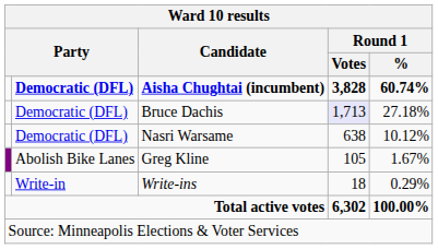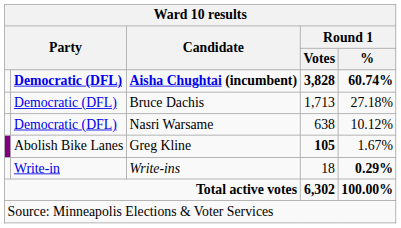 <table class="wikitable">
 <tr>
 <th colspan="5">Ward 10 results</th>
 </tr>
 <tr>
 <th rowspan="2" colspan="2">Party</th>
 <th rowspan="2">Candidate</th>
 <th colspan="2">Round 1</th>
 </tr>
 <tr>
 <th>Votes</th>
 <th>%</th>
 </tr>
 <tr>
 <td style="background-color:"></td>
 <td><strong><a href='#'>Democratic (DFL)</a></strong></td>
 <td><strong><a href='#'>Aisha Chughtai</a> (incumbent)</strong></td>
 <td align="right"><strong>3,828</strong></td>
 <td align="right"><strong>60.74%</strong></td>
 </tr>
 <tr>
 <td style="background-color:"></td>
 <td><a href='#'>Democratic (DFL)</a></td>
 <td>Bruce Dachis</td>
-<td align="right" style="background: lavender;">1,713</td>
+<td align="right">1,713</td>
 <td align="right">27.18%</td>
 </tr>
 <tr>
 <td style="background-color:"></td>
 <td><a href='#'>Democratic (DFL)</a></td>
 <td>Nasri Warsame</td>
 <td align="right">638</td>
 <td align="right">10.12%</td>
 </tr>
 <tr>
 <td style="background-color:purple"></td>
 <td>Abolish Bike Lanes</td>
 <td>Greg Kline</td>
-<td align="right">105</td>
+<td align="right"><strong>105</strong></td>
 <td align="right">1.67%</td>
 </tr>
 <tr>
 <td style="background-color:"></td>
 <td><a href='#'>Write-in</a></td>
 <td><em>Write-ins</em></td>
 <td align="right">18</td>
-<td align="right">0.29%</td>
+<td align="right"><strong>0.29%</strong></td>
 </tr>
 <tr align="right">
 <td colspan="3"><strong>Total active votes</strong></td>
 <td><strong>6,302</strong></td>
 <td><strong>100.00%</strong></td>
 </tr>
 <tr>
 <td colspan="7">Source: Minneapolis Elections & Voter Services</td>
 </tr>
 </table>
